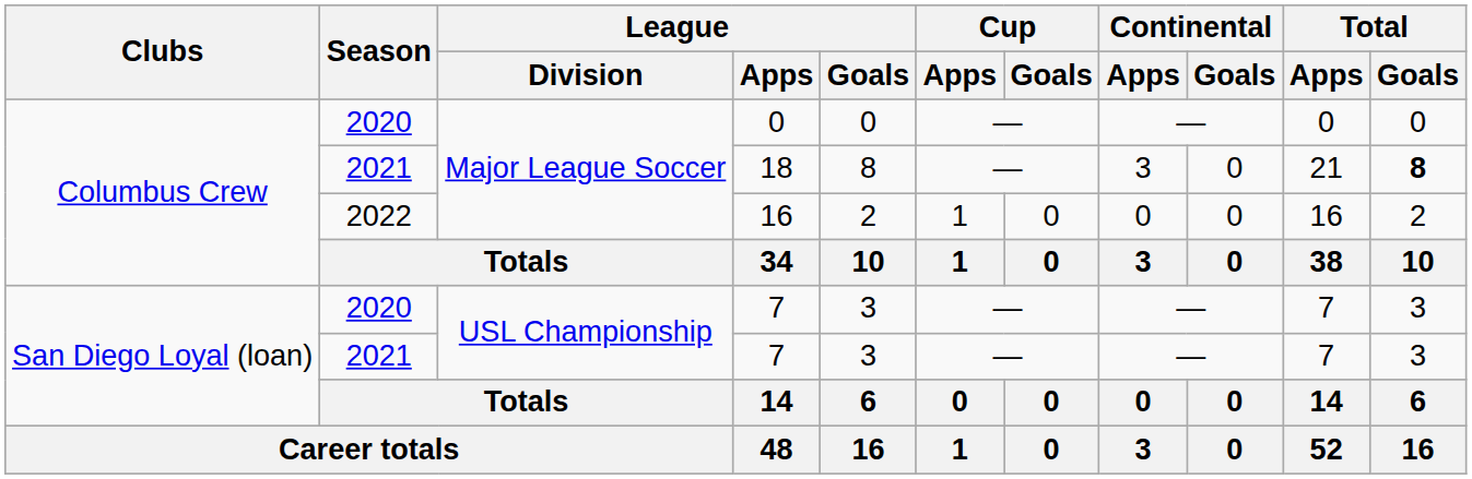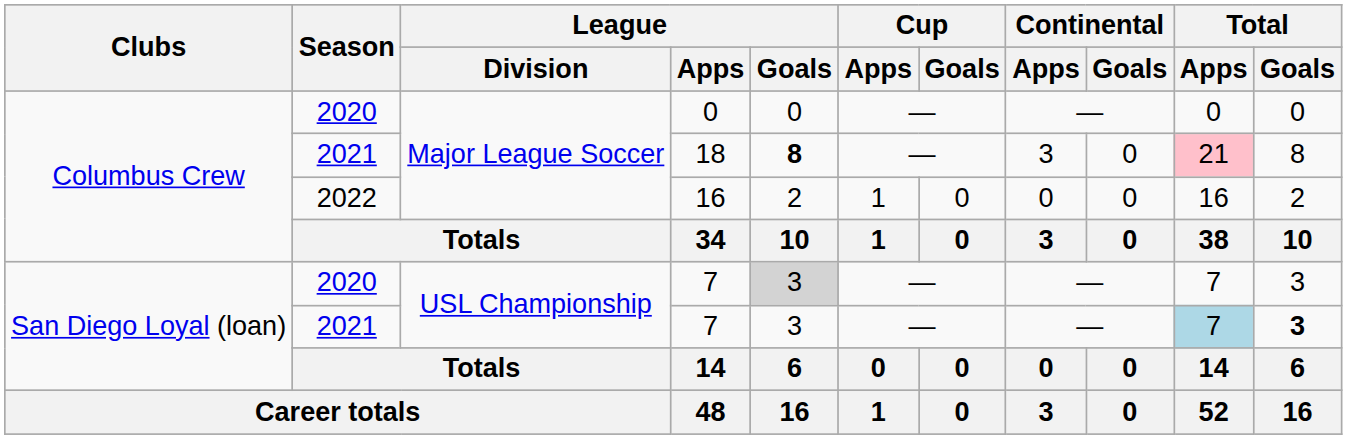 <table class="wikitable" style="text-align: center;">
 <tr>
 <th rowspan="2">Clubs</th>
 <th rowspan="2">Season</th>
 <th colspan="3">League</th>
 <th colspan="2">Cup</th>
 <th colspan="2">Continental</th>
 <th colspan="2">Total</th>
 </tr>
 <tr>
 <th>Division</th>
 <th>Apps</th>
 <th>Goals</th>
 <th>Apps</th>
 <th>Goals</th>
 <th>Apps</th>
 <th>Goals</th>
 <th>Apps</th>
 <th>Goals</th>
 </tr>
 <tr>
 <td rowspan="4"><a href='#'>Columbus Crew</a></td>
 <td><a href='#'>2020</a></td>
 <td rowspan="3"><a href='#'>Major League Soccer</a></td>
 <td>0</td>
 <td>0</td>
 <td colspan="2">—</td>
 <td colspan="2">—</td>
 <td>0</td>
 <td>0</td>
 </tr>
 <tr>
 <td><a href='#'>2021</a></td>
 <td>18</td>
-<td>8</td>
+<td><strong>8</strong></td>
 <td colspan="2">—</td>
 <td>3</td>
 <td>0</td>
-<td>21</td>
-<td><strong>8</strong></td>
+<td style="background: pink;">21</td>
+<td>8</td>
 </tr>
 <tr>
 <td>2022</td>
 <td>16</td>
 <td>2</td>
 <td>1</td>
 <td>0</td>
 <td>0</td>
 <td>0</td>
 <td>16</td>
 <td>2</td>
 </tr>
 <tr>
 <th colspan="2">Totals</th>
 <th>34</th>
 <th>10</th>
 <th>1</th>
 <th>0</th>
 <th>3</th>
 <th>0</th>
 <th>38</th>
 <th>10</th>
 </tr>
 <tr>
 <td rowspan="3"><a href='#'>San Diego Loyal</a> (loan)</td>
 <td><a href='#'>2020</a></td>
 <td rowspan="2"><a href='#'>USL Championship</a></td>
 <td>7</td>
-<td>3</td>
+<td style="background: lightgrey;">3</td>
 <td colspan="2">—</td>
 <td colspan="2">—</td>
 <td>7</td>
 <td>3</td>
 </tr>
 <tr>
 <td><a href='#'>2021</a></td>
 <td>7</td>
 <td>3</td>
 <td colspan="2">—</td>
 <td colspan="2">—</td>
-<td>7</td>
-<td>3</td>
+<td style="background: lightblue;">7</td>
+<td><strong>3</strong></td>
 </tr>
 <tr>
 <th colspan="2">Totals</th>
 <th>14</th>
 <th>6</th>
 <th>0</th>
 <th>0</th>
 <th>0</th>
 <th>0</th>
 <th>14</th>
 <th>6</th>
 </tr>
 <tr>
 <th colspan="3">Career totals</th>
 <th>48</th>
 <th>16</th>
 <th>1</th>
 <th>0</th>
 <th>3</th>
 <th>0</th>
 <th>52</th>
 <th>16</th>
 </tr>
 </table>
